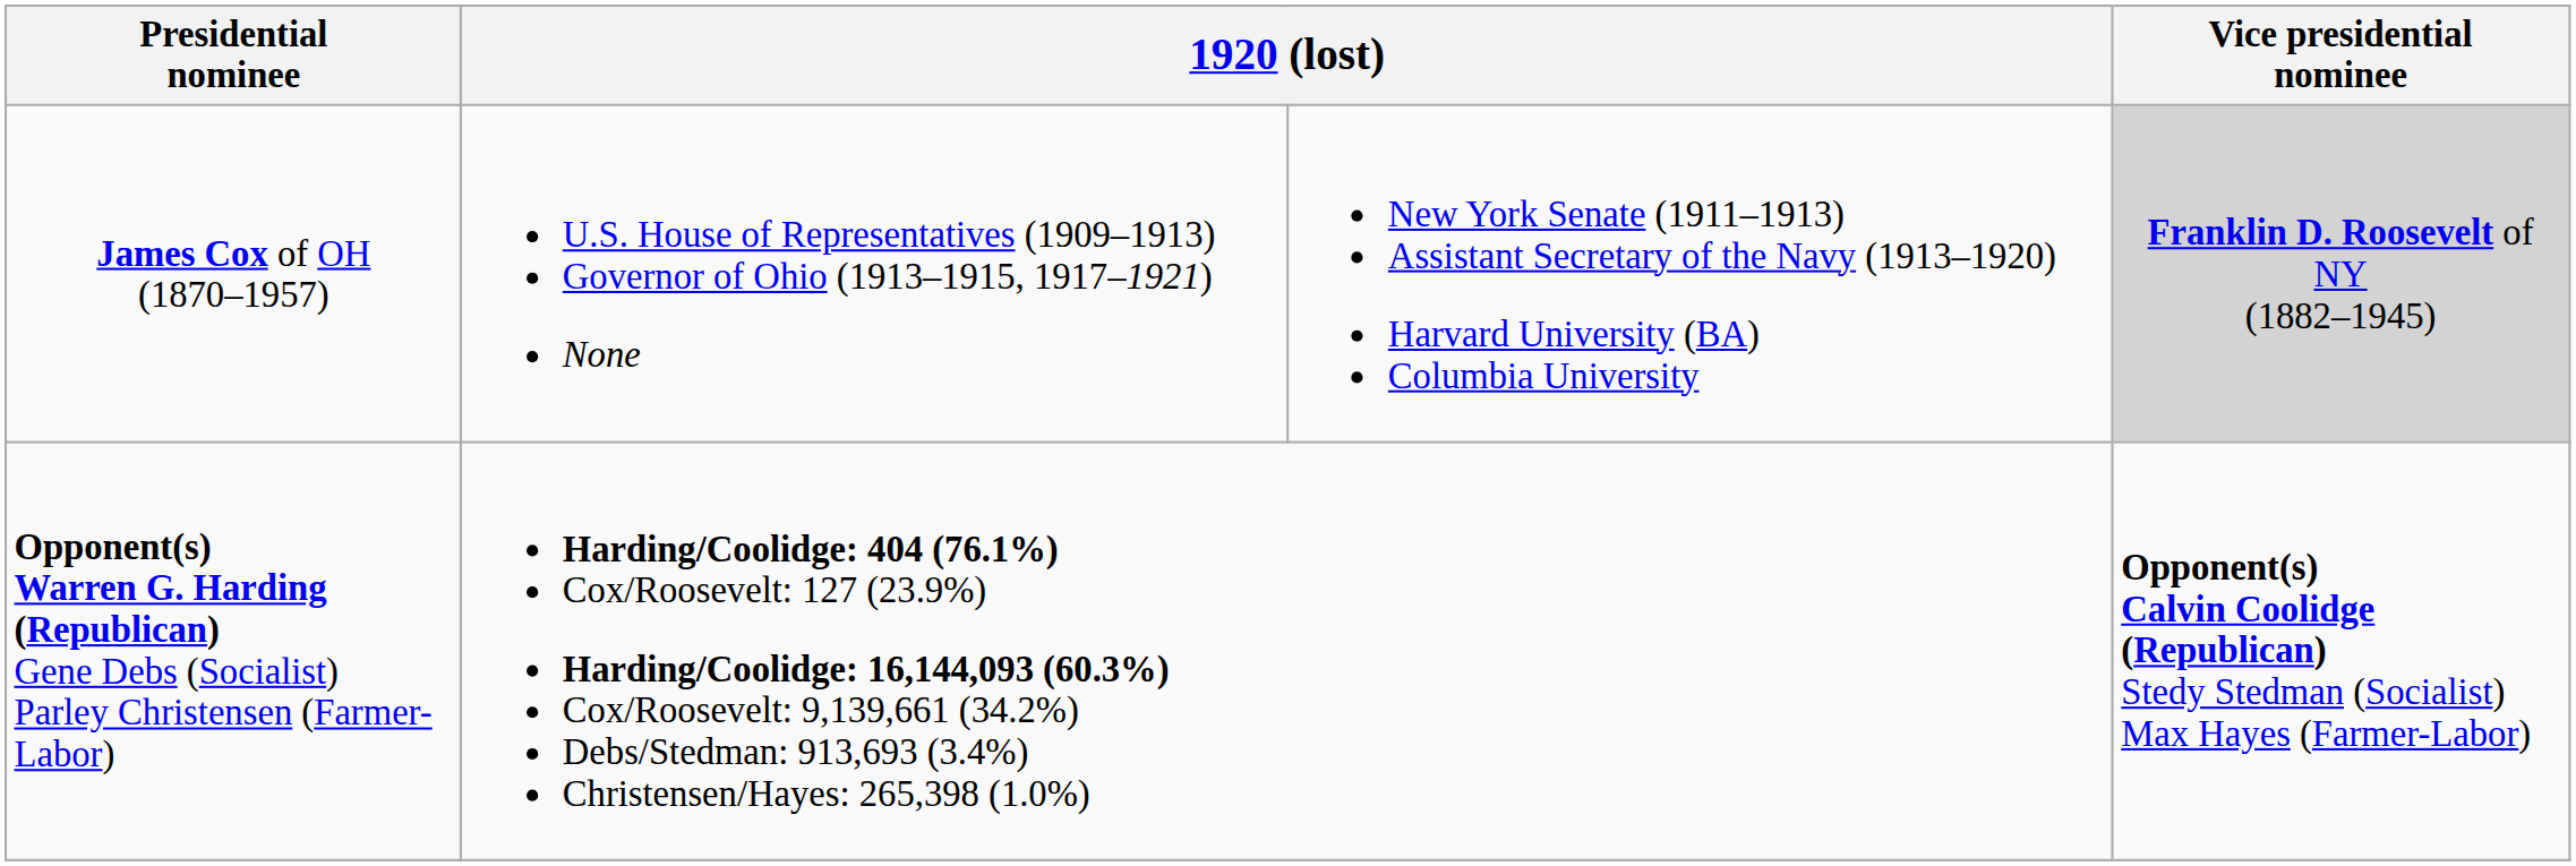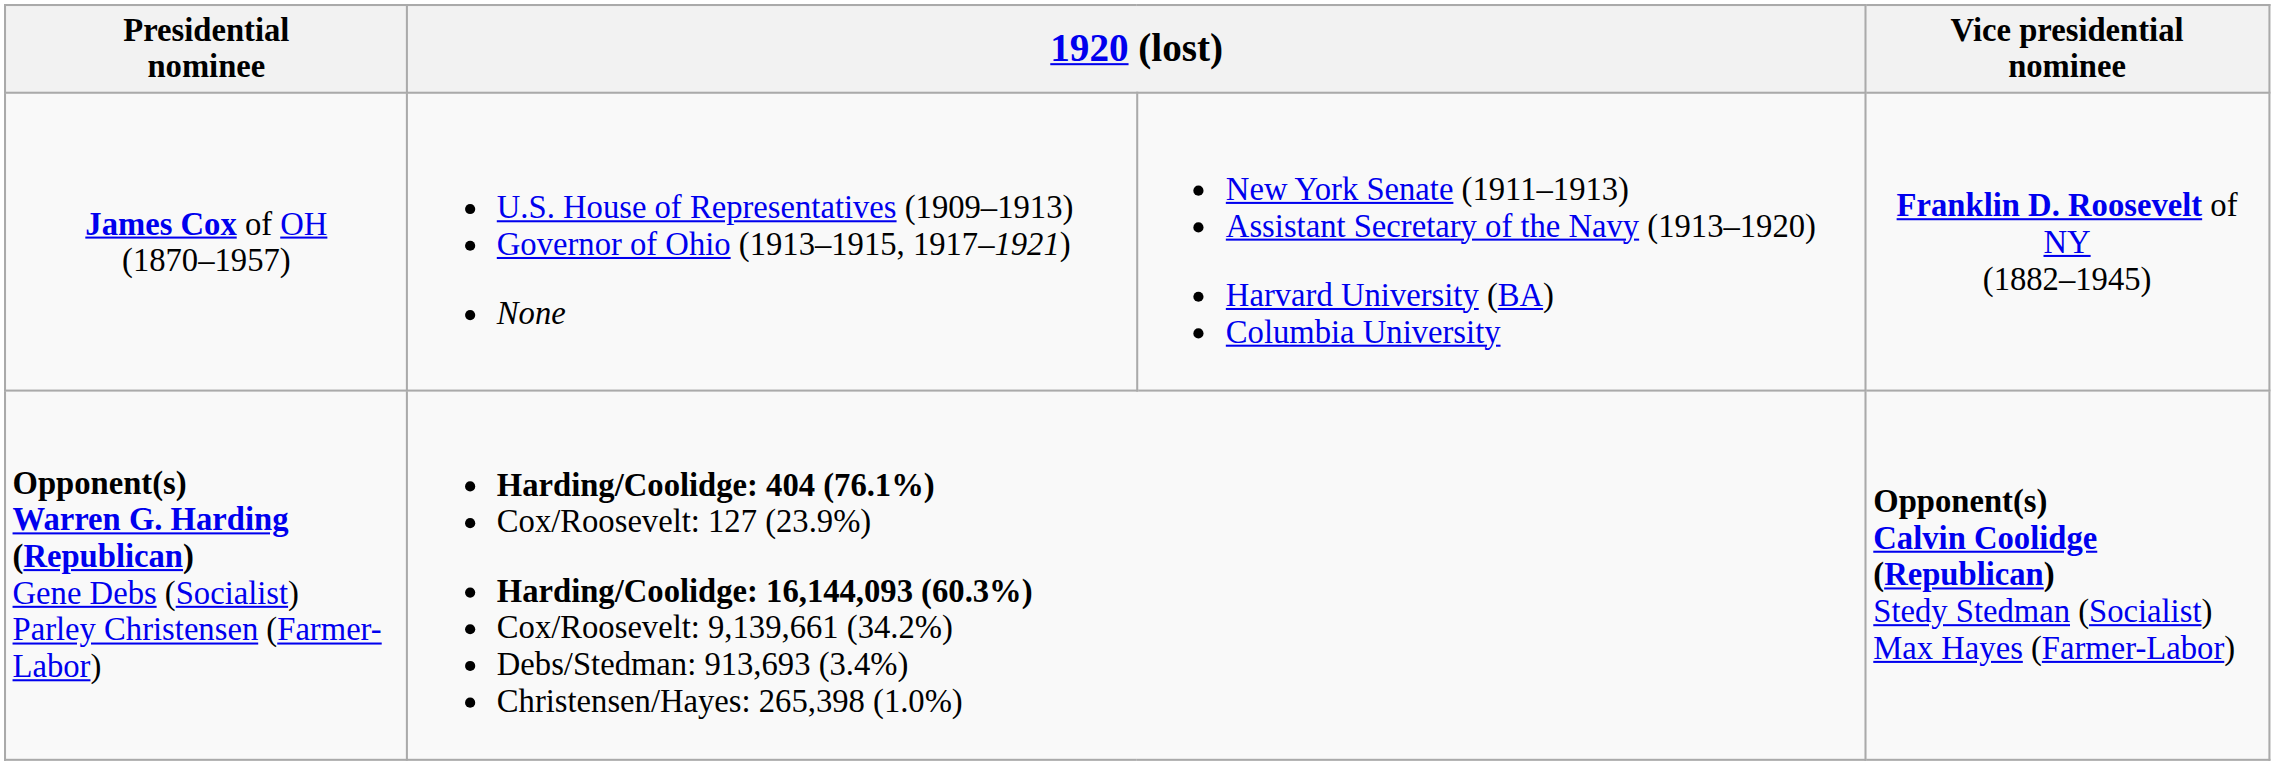 <table class="wikitable">
 <tr>
 <th width=190>Presidential<br>nominee</th>
 <th colspan=2><big><a href='#'>1920</a> (lost)</big></th>
 <th width=190>Vice presidential<br>nominee</th>
 </tr>
 <tr>
 <td style="text-align:center;"><strong><a href='#'>James Cox</a></strong> of <a href='#'>OH</a><br>(1870–1957)<br></td>
 <td width=350><br><ul><li><a href='#'>U.S. House of Representatives</a> (1909–1913)</li><li><a href='#'>Governor of Ohio</a> (1913–1915, 1917–<em>1921</em>)</li></ul><ul><li><em>None</em></li></ul></td>
 <td width=350><br><ul><li><a href='#'>New York Senate</a> (1911–1913)</li><li><a href='#'>Assistant Secretary of the Navy</a> (1913–1920)</li></ul><ul><li><a href='#'>Harvard University</a> (<a href='#'>BA</a>)</li><li><a href='#'>Columbia University</a></li></ul></td>
-<td style="background: lightgrey; text-align:center;"><strong><a href='#'>Franklin D. Roosevelt</a></strong> of <a href='#'>NY</a><br>(1882–1945)<br></td>
+<td style="text-align:center;"><strong><a href='#'>Franklin D. Roosevelt</a></strong> of <a href='#'>NY</a><br>(1882–1945)<br></td>
 </tr>
 <tr>
 <td><strong>Opponent(s)</strong><br><strong><a href='#'>Warren G. Harding</a> (<a href='#'>Republican</a>)</strong><br><a href='#'>Gene Debs</a> (<a href='#'>Socialist</a>)<br><a href='#'>Parley Christensen</a> (<a href='#'>Farmer-Labor</a>)</td>
 <td colspan=2><br><ul><li><strong>Harding/Coolidge: 404 (76.1%)</strong></li><li>Cox/Roosevelt: 127 (23.9%)</li></ul><ul><li><strong>Harding/Coolidge: 16,144,093 (60.3%)</strong></li><li>Cox/Roosevelt: 9,139,661 (34.2%)</li><li>Debs/Stedman: 913,693 (3.4%)</li><li>Christensen/Hayes: 265,398 (1.0%)</li></ul></td>
 <td><strong>Opponent(s)</strong><br><strong><a href='#'>Calvin Coolidge</a> (<a href='#'>Republican</a>)</strong><br><a href='#'>Stedy Stedman</a> (<a href='#'>Socialist</a>)<br><a href='#'>Max Hayes</a> (<a href='#'>Farmer-Labor</a>)</td>
 </tr>
 </table>
